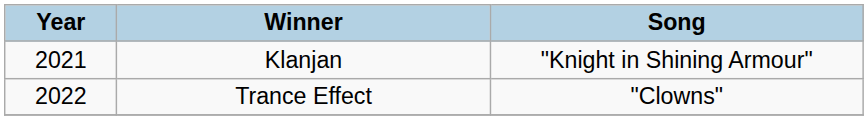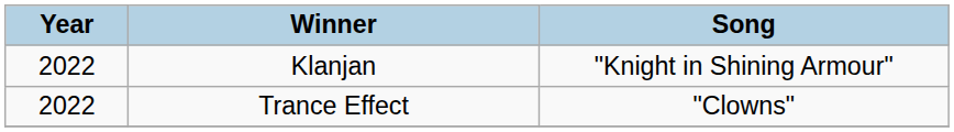 <table class="wikitable" style="text-align: center">
 <tr>
 <th width="70" style="background:#b3d1e3;">Year</th>
 <th width="250" style="background:#b3d1e3;">Winner</th>
 <th width="250" style="background:#b3d1e3;">Song</th>
 </tr>
 <tr>
-<td>2021</td>
+<td>2022</td>
 <td>Klanjan</td>
 <td>"Knight in Shining Armour"</td>
 </tr>
 <tr>
 <td>2022</td>
 <td>Trance Effect</td>
 <td>"Clowns"</td>
 </tr>
 <tr>
 </tr>
 </table>
